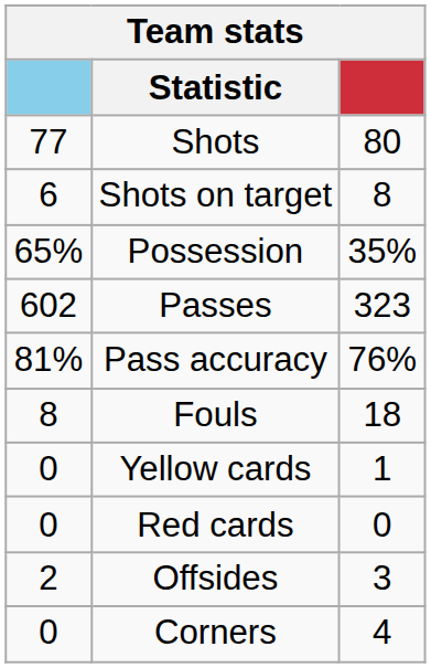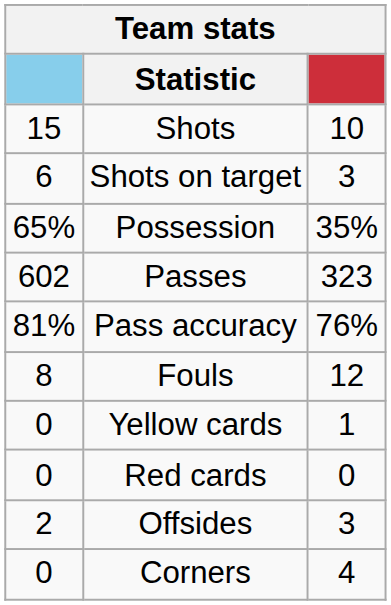 <table class="wikitable" style="margin-left: auto; margin-right: auto; border: none; text-align:center;">
 <tr>
 <th colspan=3>Team stats</th>
 </tr>
 <tr>
 <th style="background: #87CEEB; color: #FFFFFF;"> <a href='#'></a></th>
 <th>Statistic</th>
 <th style="background: #CD2E3A; color: #FFFFFF;"> <a href='#'></a></th>
 </tr>
 <tr>
-<td>77</td>
+<td>15</td>
 <td>Shots</td>
-<td>80</td>
+<td>10</td>
 </tr>
 <tr>
 <td>6</td>
 <td>Shots on target</td>
-<td>8</td>
+<td>3</td>
 </tr>
 <tr>
 <td>65%</td>
 <td>Possession</td>
 <td>35%</td>
 </tr>
 <tr>
 <td>602</td>
 <td>Passes</td>
 <td>323</td>
 </tr>
 <tr>
 <td>81%</td>
 <td>Pass accuracy</td>
 <td>76%</td>
 </tr>
 <tr>
 <td>8</td>
 <td>Fouls</td>
-<td>18</td>
+<td>12</td>
 </tr>
 <tr>
 <td>0</td>
 <td>Yellow cards</td>
 <td>1</td>
 </tr>
 <tr>
 <td>0</td>
 <td>Red cards</td>
 <td>0</td>
 </tr>
 <tr>
 <td>2</td>
 <td>Offsides</td>
 <td>3</td>
 </tr>
 <tr>
 <td>0</td>
 <td>Corners</td>
 <td>4</td>
 </tr>
 </table>
